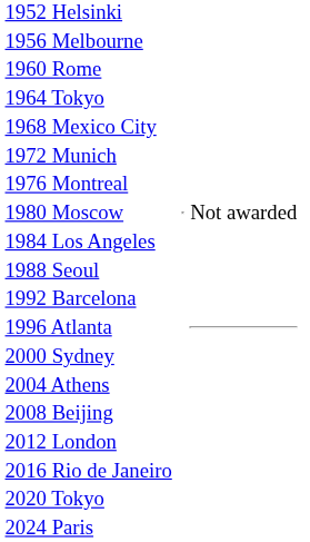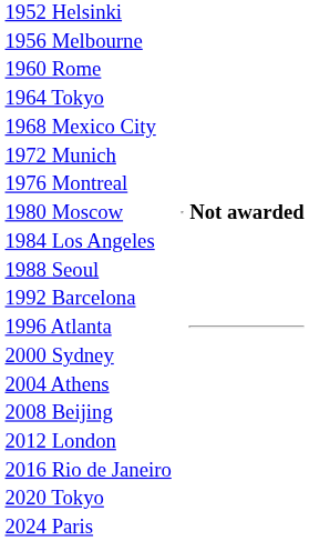 <table>
 <tr>
 <td><a href='#'>1952 Helsinki</a><br></td>
 <td></td>
 <td></td>
 <td></td>
 </tr>
 <tr>
 <td><a href='#'>1956 Melbourne</a><br></td>
 <td></td>
 <td></td>
 <td></td>
 </tr>
 <tr>
 <td><a href='#'>1960 Rome</a><br></td>
 <td></td>
 <td></td>
 <td></td>
 </tr>
 <tr>
 <td><a href='#'>1964 Tokyo</a><br></td>
 <td></td>
 <td></td>
 <td></td>
 </tr>
 <tr>
 <td><a href='#'>1968 Mexico City</a><br></td>
 <td></td>
 <td></td>
 <td></td>
 </tr>
 <tr>
 <td><a href='#'>1972 Munich</a><br></td>
 <td></td>
 <td></td>
 <td></td>
 </tr>
 <tr>
 <td><a href='#'>1976 Montreal</a><br></td>
 <td></td>
 <td></td>
 <td></td>
 </tr>
 <tr>
 <td><a href='#'>1980 Moscow</a><br></td>
 <td></td>
 <td><hr></td>
-<td>Not awarded</td>
+<td><strong>Not awarded</strong></td>
 </tr>
 <tr>
 <td><a href='#'>1984 Los Angeles</a><br></td>
 <td></td>
 <td></td>
 <td></td>
 </tr>
 <tr>
 <td><a href='#'>1988 Seoul</a><br></td>
 <td></td>
 <td></td>
 <td></td>
 </tr>
 <tr>
 <td><a href='#'>1992 Barcelona</a><br></td>
 <td></td>
 <td></td>
 <td></td>
 </tr>
 <tr>
 <td><a href='#'>1996 Atlanta</a><br></td>
 <td></td>
 <td></td>
 <td><hr></td>
 </tr>
 <tr>
 <td><a href='#'>2000 Sydney</a><br></td>
 <td></td>
 <td></td>
 <td></td>
 </tr>
 <tr>
 <td><a href='#'>2004 Athens</a><br></td>
 <td></td>
 <td></td>
 <td></td>
 </tr>
 <tr>
 <td><a href='#'>2008 Beijing</a><br></td>
 <td></td>
 <td></td>
 <td></td>
 </tr>
 <tr>
 <td><a href='#'>2012 London</a><br></td>
 <td></td>
 <td></td>
 <td></td>
 </tr>
 <tr>
 <td><a href='#'>2016 Rio de Janeiro</a><br></td>
 <td></td>
 <td></td>
 <td></td>
 </tr>
 <tr>
 <td><a href='#'>2020 Tokyo</a><br></td>
 <td></td>
 <td></td>
 <td></td>
 </tr>
 <tr>
 <td><a href='#'>2024 Paris</a><br></td>
 <td></td>
 <td></td>
 <td></td>
 </tr>
 </table>
